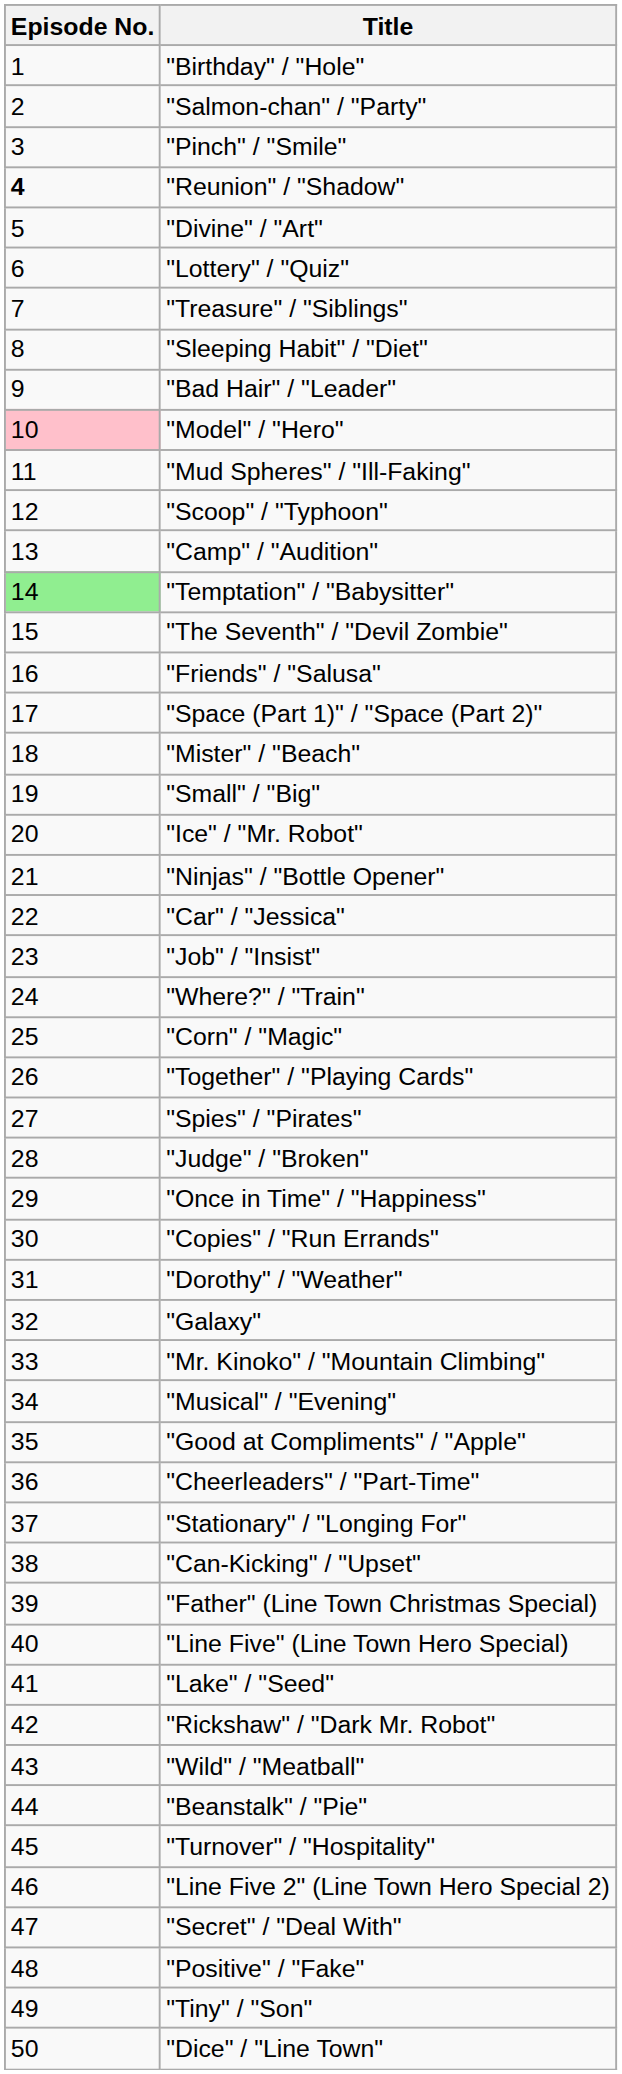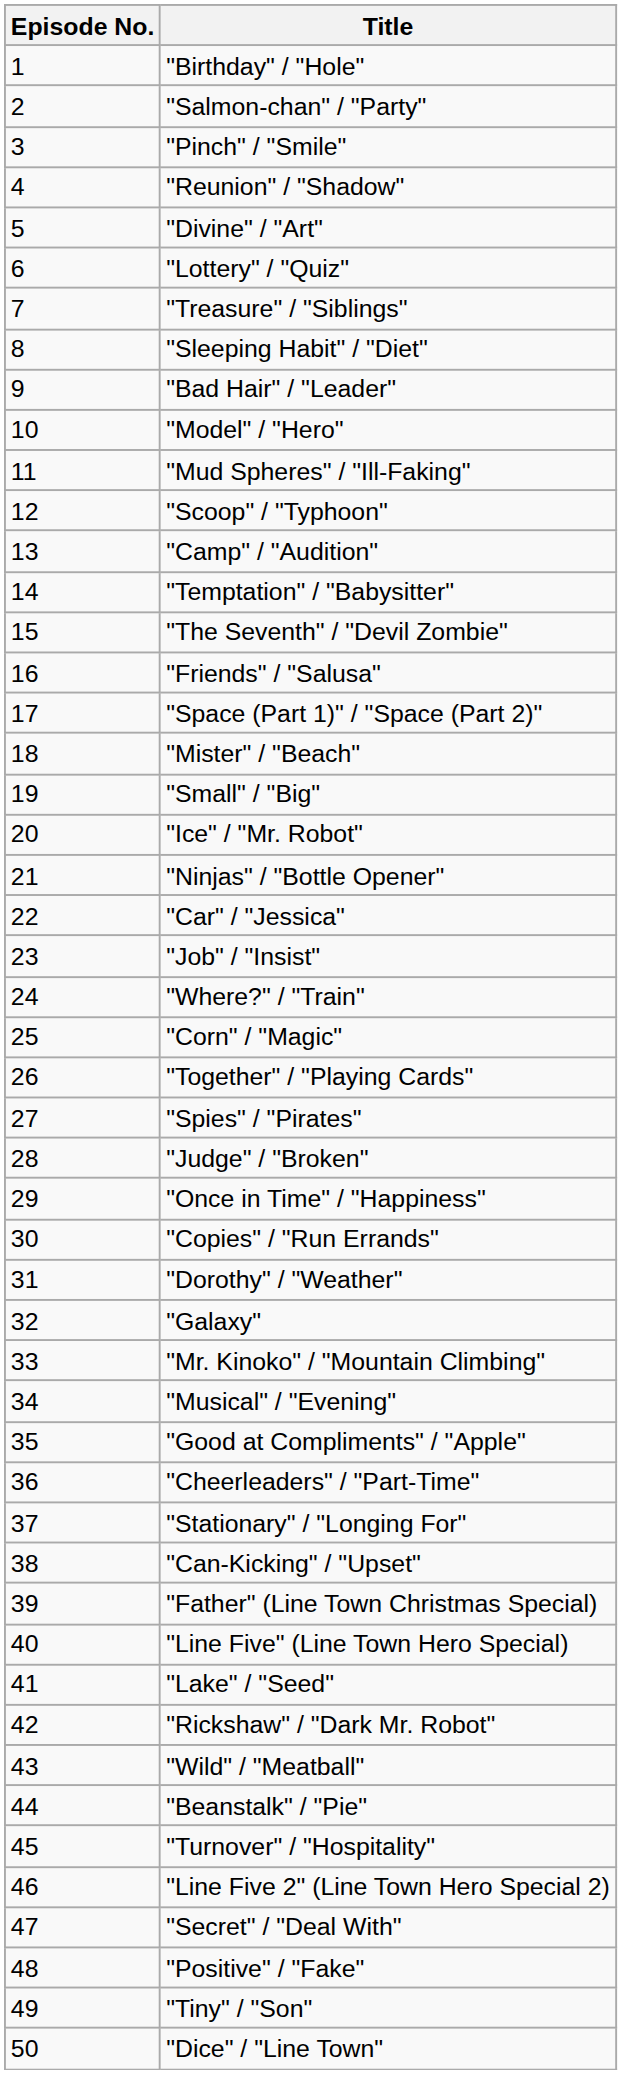 <table class="wikitable mw-collapsible mw-collapsed" style="font-size:small;">
 <tr>
 <th>Episode No.</th>
 <th>Title</th>
 </tr>
 <tr>
 <td rowspan="1">1</td>
 <td>"Birthday" / "Hole"</td>
 </tr>
 <tr>
 <td rowspan="1">2</td>
 <td>"Salmon-chan" / "Party"</td>
 </tr>
 <tr>
 <td rowspan="1">3</td>
 <td>"Pinch" / "Smile"</td>
 </tr>
 <tr>
-<td rowspan="1"><strong>4</strong></td>
+<td rowspan="1">4</td>
 <td>"Reunion" / "Shadow"</td>
 </tr>
 <tr>
 <td rowspan="1">5</td>
 <td>"Divine" / "Art"</td>
 </tr>
 <tr>
 <td rowspan="1">6</td>
 <td>"Lottery" / "Quiz"</td>
 </tr>
 <tr>
 <td rowspan="1">7</td>
 <td>"Treasure" / "Siblings"</td>
 </tr>
 <tr>
 <td rowspan="1">8</td>
 <td>"Sleeping Habit" / "Diet"</td>
 </tr>
 <tr>
 <td rowspan="1">9</td>
 <td>"Bad Hair" / "Leader"</td>
 </tr>
 <tr>
-<td rowspan="1" style="background: pink;">10</td>
+<td rowspan="1">10</td>
 <td>"Model" / "Hero"</td>
 </tr>
 <tr>
 <td rowspan="1">11</td>
 <td>"Mud Spheres" / "Ill-Faking"</td>
 </tr>
 <tr>
 <td rowspan="1">12</td>
 <td>"Scoop" / "Typhoon"</td>
 </tr>
 <tr>
 <td rowspan="1">13</td>
 <td>"Camp" / "Audition"</td>
 </tr>
 <tr>
-<td rowspan="1" style="background: lightgreen;">14</td>
+<td rowspan="1">14</td>
 <td>"Temptation" / "Babysitter"</td>
 </tr>
 <tr>
 <td rowspan="1">15</td>
 <td>"The Seventh" / "Devil Zombie"</td>
 </tr>
 <tr>
 <td rowspan="1">16</td>
 <td>"Friends" / "Salusa"</td>
 </tr>
 <tr>
 <td rowspan="1">17</td>
 <td>"Space (Part 1)" / "Space (Part 2)"</td>
 </tr>
 <tr>
 <td rowspan="1">18</td>
 <td>"Mister" / "Beach"</td>
 </tr>
 <tr>
 <td rowspan="1">19</td>
 <td>"Small" / "Big"</td>
 </tr>
 <tr>
 <td rowspan="1">20</td>
 <td>"Ice" / "Mr. Robot"</td>
 </tr>
 <tr>
 <td rowspan="1">21</td>
 <td>"Ninjas" / "Bottle Opener"</td>
 </tr>
 <tr>
 <td rowspan="1">22</td>
 <td>"Car" / "Jessica"</td>
 </tr>
 <tr>
 <td rowspan="1">23</td>
 <td>"Job" / "Insist"</td>
 </tr>
 <tr>
 <td rowspan="1">24</td>
 <td>"Where?" / "Train"</td>
 </tr>
 <tr>
 <td rowspan="1">25</td>
 <td>"Corn" / "Magic"</td>
 </tr>
 <tr>
 <td rowspan="1">26</td>
 <td>"Together" / "Playing Cards"</td>
 </tr>
 <tr>
 <td rowspan="1">27</td>
 <td>"Spies" / "Pirates"</td>
 </tr>
 <tr>
 <td rowspan="1">28</td>
 <td>"Judge" / "Broken"</td>
 </tr>
 <tr>
 <td rowspan="1">29</td>
 <td>"Once in Time" / "Happiness"</td>
 </tr>
 <tr>
 <td rowspan="1">30</td>
 <td>"Copies" / "Run Errands"</td>
 </tr>
 <tr>
 <td rowspan="1">31</td>
 <td>"Dorothy" / "Weather"</td>
 </tr>
 <tr>
 <td rowspan="1">32</td>
 <td>"Galaxy"</td>
 </tr>
 <tr>
 <td rowspan="1">33</td>
 <td>"Mr. Kinoko" / "Mountain Climbing"</td>
 </tr>
 <tr>
 <td rowspan="1">34</td>
 <td>"Musical" / "Evening"</td>
 </tr>
 <tr>
 <td rowspan="1">35</td>
 <td>"Good at Compliments" / "Apple"</td>
 </tr>
 <tr>
 <td rowspan="1">36</td>
 <td>"Cheerleaders" / "Part-Time"</td>
 </tr>
 <tr>
 <td rowspan="1">37</td>
 <td>"Stationary" / "Longing For"</td>
 </tr>
 <tr>
 <td rowspan="1">38</td>
 <td>"Can-Kicking" / "Upset"</td>
 </tr>
 <tr>
 <td rowspan="1">39</td>
 <td>"Father" (Line Town Christmas Special)</td>
 </tr>
 <tr>
 <td rowspan="1">40</td>
 <td>"Line Five" (Line Town Hero Special)</td>
 </tr>
 <tr>
 <td rowspan="1">41</td>
 <td>"Lake" / "Seed"</td>
 </tr>
 <tr>
 <td rowspan="1">42</td>
 <td>"Rickshaw" / "Dark Mr. Robot"</td>
 </tr>
 <tr>
 <td rowspan="1">43</td>
 <td>"Wild" / "Meatball"</td>
 </tr>
 <tr>
 <td rowspan="1">44</td>
 <td>"Beanstalk" / "Pie"</td>
 </tr>
 <tr>
 <td rowspan="1">45</td>
 <td>"Turnover" / "Hospitality"</td>
 </tr>
 <tr>
 <td rowspan="1">46</td>
 <td>"Line Five 2" (Line Town Hero Special 2)</td>
 </tr>
 <tr>
 <td rowspan="1">47</td>
 <td>"Secret" / "Deal With"</td>
 </tr>
 <tr>
 <td rowspan="1">48</td>
 <td>"Positive" / "Fake"</td>
 </tr>
 <tr>
 <td rowspan="1">49</td>
 <td>"Tiny" / "Son"</td>
 </tr>
 <tr>
 <td rowspan="1">50</td>
 <td>"Dice" / "Line Town"</td>
 </tr>
 </table>
